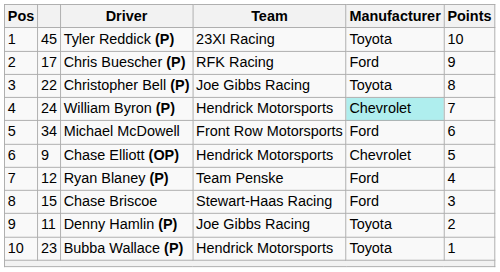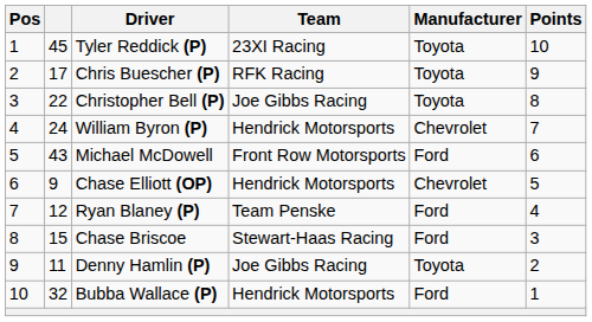 <table class="wikitable" style="font-size:98%">
 <tr>
 <th>Pos</th>
 <th></th>
 <th>Driver</th>
 <th>Team</th>
 <th>Manufacturer</th>
 <th>Points</th>
 </tr>
 <tr>
 <td>1</td>
 <td>45</td>
 <td>Tyler Reddick <strong>(P)</strong></td>
 <td>23XI Racing</td>
 <td>Toyota</td>
 <td>10</td>
 </tr>
 <tr>
 <td>2</td>
 <td>17</td>
 <td>Chris Buescher <strong>(P)</strong></td>
 <td>RFK Racing</td>
-<td>Ford</td>
+<td>Toyota</td>
 <td>9</td>
 </tr>
 <tr>
 <td>3</td>
 <td>22</td>
 <td>Christopher Bell <strong>(P)</strong></td>
 <td>Joe Gibbs Racing</td>
 <td>Toyota</td>
 <td>8</td>
 </tr>
 <tr>
 <td>4</td>
 <td>24</td>
 <td>William Byron <strong>(P)</strong></td>
 <td>Hendrick Motorsports</td>
-<td style="background: paleturquoise;">Chevrolet</td>
+<td>Chevrolet</td>
 <td>7</td>
 </tr>
 <tr>
 <td>5</td>
-<td>34</td>
+<td>43</td>
 <td>Michael McDowell</td>
 <td>Front Row Motorsports</td>
 <td>Ford</td>
 <td>6</td>
 </tr>
 <tr>
 <td>6</td>
 <td>9</td>
 <td>Chase Elliott <strong>(OP)</strong></td>
 <td>Hendrick Motorsports</td>
 <td>Chevrolet</td>
 <td>5</td>
 </tr>
 <tr>
 <td>7</td>
 <td>12</td>
 <td>Ryan Blaney <strong>(P)</strong></td>
 <td>Team Penske</td>
 <td>Ford</td>
 <td>4</td>
 </tr>
 <tr>
 <td>8</td>
 <td>15</td>
 <td>Chase Briscoe</td>
 <td>Stewart-Haas Racing</td>
 <td>Ford</td>
 <td>3</td>
 </tr>
 <tr>
 <td>9</td>
 <td>11</td>
 <td>Denny Hamlin <strong>(P)</strong></td>
 <td>Joe Gibbs Racing</td>
 <td>Toyota</td>
 <td>2</td>
 </tr>
 <tr>
 <td>10</td>
-<td>23</td>
+<td>32</td>
 <td>Bubba Wallace <strong>(P)</strong></td>
 <td>Hendrick Motorsports</td>
-<td>Toyota</td>
+<td>Ford</td>
 <td>1</td>
 </tr>
 <tr>
 <th colspan="6"></th>
 </tr>
 </table>
